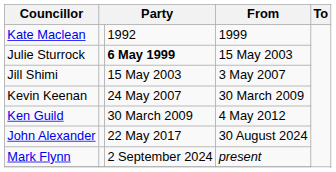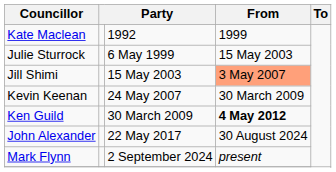 <table class=wikitable>
 <tr>
 <th>Councillor</th>
 <th colspan=2>Party</th>
 <th>From</th>
 <th>To</th>
 </tr>
 <tr>
 <td><a href='#'>Kate Maclean</a></td>
 <td></td>
 <td>1992</td>
 <td>1999</td>
 </tr>
 <tr>
 <td>Julie Sturrock</td>
 <td></td>
-<td><strong>6 May 1999</strong></td>
+<td>6 May 1999</td>
 <td>15 May 2003</td>
 </tr>
 <tr>
 <td>Jill Shimi</td>
 <td></td>
 <td>15 May 2003</td>
-<td>3 May 2007</td>
+<td style="background: lightsalmon;">3 May 2007</td>
 </tr>
 <tr>
 <td>Kevin Keenan</td>
 <td></td>
 <td>24 May 2007</td>
 <td>30 March 2009</td>
 </tr>
 <tr>
 <td><a href='#'>Ken Guild</a></td>
 <td></td>
 <td>30 March 2009</td>
-<td>4 May 2012</td>
+<td><strong>4 May 2012</strong></td>
 </tr>
 <tr>
 <td><a href='#'>John Alexander</a></td>
 <td></td>
 <td>22 May 2017</td>
 <td>30 August 2024</td>
 </tr>
 <tr>
 <td><a href='#'>Mark Flynn</a></td>
 <td></td>
 <td>2 September 2024</td>
 <td><em>present</em></td>
 </tr>
 <tr>
 </tr>
 </table>
